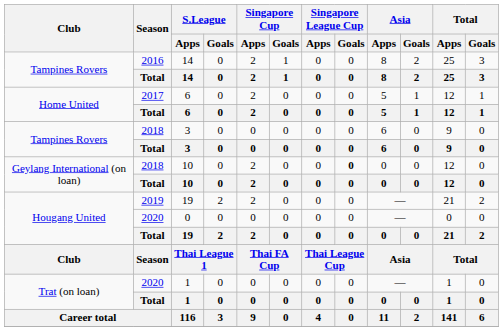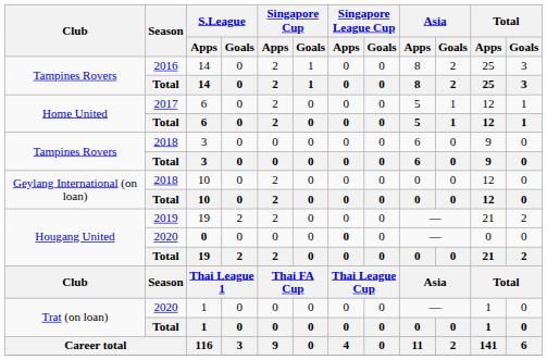 <table class="wikitable" style="text-align:center">
 <tr>
 <th rowspan=2 width=180>Club</th>
 <th rowspan=2>Season</th>
 <th colspan=2><a href='#'>S.League</a></th>
 <th colspan=2><a href='#'>Singapore Cup</a></th>
 <th colspan=2><a href='#'>Singapore<br>League Cup</a></th>
 <th colspan="2"><a href='#'>Asia</a></th>
 <th colspan=2>Total</th>
 </tr>
 <tr>
 <th width=40>Apps</th>
 <th width=40>Goals</th>
 <th width=40>Apps</th>
 <th width=40>Goals</th>
 <th width=40>Apps</th>
 <th width=40>Goals</th>
 <th width=40>Apps</th>
 <th width=40>Goals</th>
 <th width=40>Apps</th>
 <th width=40>Goals</th>
 </tr>
 <tr>
 <td rowspan="2"><a href='#'>Tampines Rovers</a></td>
 <td><a href='#'>2016</a></td>
 <td>14</td>
 <td>0</td>
 <td>2</td>
 <td>1</td>
 <td>0</td>
 <td>0</td>
 <td>8</td>
 <td>2</td>
 <td>25</td>
 <td>3</td>
 </tr>
 <tr>
 <th>Total</th>
 <th>14</th>
 <th>0</th>
 <th>2</th>
 <th>1</th>
 <th>0</th>
 <th>0</th>
 <th>8</th>
 <th>2</th>
 <th>25</th>
 <th>3</th>
 </tr>
 <tr>
 <td rowspan="2"><a href='#'>Home United</a></td>
 <td><a href='#'>2017</a></td>
 <td>6</td>
 <td>0</td>
 <td>2</td>
 <td>0</td>
 <td>0</td>
 <td>0</td>
 <td>5</td>
 <td>1</td>
 <td>12</td>
 <td>1</td>
 </tr>
 <tr>
 <th>Total</th>
 <th>6</th>
 <th>0</th>
 <th>2</th>
 <th>0</th>
 <th>0</th>
 <th>0</th>
 <th>5</th>
 <th>1</th>
 <th>12</th>
 <th>1</th>
 </tr>
 <tr>
 <td rowspan="2"><a href='#'>Tampines Rovers</a></td>
 <td><a href='#'>2018</a></td>
 <td>3</td>
 <td>0</td>
 <td>0</td>
 <td>0</td>
 <td>0</td>
 <td>0</td>
 <td>6</td>
 <td>0</td>
 <td>9</td>
 <td>0</td>
 </tr>
 <tr>
 <th>Total</th>
 <th>3</th>
 <th>0</th>
 <th>0</th>
 <th>0</th>
 <th>0</th>
 <th>0</th>
 <th>6</th>
 <th>0</th>
 <th>9</th>
 <th>0</th>
 </tr>
 <tr>
 <td rowspan="2"><a href='#'>Geylang International</a> (on loan)</td>
 <td><a href='#'>2018</a></td>
 <td>10</td>
 <td>0</td>
 <td>2</td>
 <td>0</td>
 <td>0</td>
-<td><strong>0</strong></td>
+<td>0</td>
 <td>0</td>
 <td>0</td>
 <td>12</td>
 <td>0</td>
 </tr>
 <tr>
 <th>Total</th>
 <th>10</th>
 <th>0</th>
 <th>2</th>
 <th>0</th>
 <th>0</th>
 <th>0</th>
 <th>0</th>
 <th>0</th>
 <th>12</th>
 <th>0</th>
 </tr>
 <tr>
 <td rowspan="3"><a href='#'>Hougang United</a></td>
 <td><a href='#'>2019</a></td>
 <td>19</td>
 <td>2</td>
 <td>2</td>
 <td>0</td>
 <td>0</td>
 <td>0</td>
 <td colspan="2">—</td>
 <td>21</td>
 <td>2</td>
 </tr>
 <tr>
 <td><a href='#'>2020</a></td>
+<td><strong>0</strong></td>
 <td>0</td>
 <td>0</td>
 <td>0</td>
-<td>0</td>
-<td>0</td>
+<td><strong>0</strong></td>
 <td>0</td>
 <td colspan="2">—</td>
 <td>0</td>
 <td>0</td>
 </tr>
 <tr>
 <th>Total</th>
 <th>19</th>
 <th>2</th>
 <th>2</th>
 <th>0</th>
 <th>0</th>
 <th>0</th>
 <th>0</th>
 <th>0</th>
 <th>21</th>
 <th>2</th>
 </tr>
 <tr>
 <th rowspan="1">Club</th>
 <th rowspan="1">Season</th>
 <th colspan="2"><a href='#'>Thai League 1</a></th>
 <th colspan="2"><a href='#'>Thai FA Cup</a></th>
 <th colspan="2"><a href='#'>Thai League Cup</a></th>
 <th colspan="2">Asia</th>
 <th colspan="2">Total</th>
 </tr>
 <tr>
 <td rowspan="2"><a href='#'>Trat</a> (on loan)</td>
 <td><a href='#'>2020</a></td>
 <td>1</td>
 <td>0</td>
 <td>0</td>
 <td>0</td>
 <td>0</td>
 <td>0</td>
 <td colspan="2">—</td>
 <td>1</td>
 <td>0</td>
 </tr>
 <tr>
 <th>Total</th>
 <th>1</th>
 <th>0</th>
 <th>0</th>
 <th>0</th>
 <th>0</th>
 <th>0</th>
 <th>0</th>
 <th>0</th>
 <th>1</th>
 <th>0</th>
 </tr>
 <tr>
 <th colspan="2">Career total</th>
 <th>116</th>
 <th>3</th>
 <th>9</th>
 <th>0</th>
 <th>4</th>
 <th>0</th>
 <th>11</th>
 <th>2</th>
 <th>141</th>
 <th>6</th>
 </tr>
 <tr>
 </tr>
 </table>
